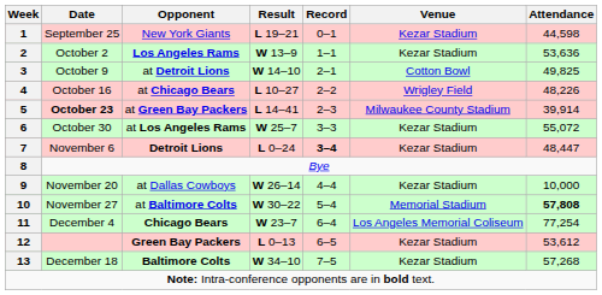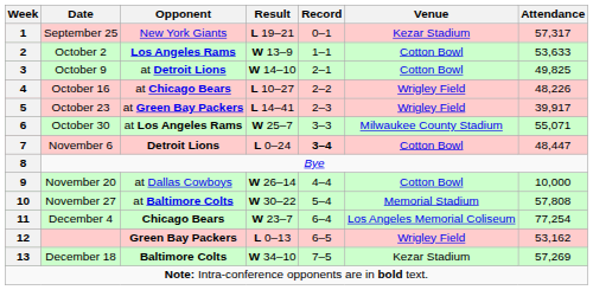 <table class="wikitable" style="text-align:center">
 <tr>
 <th>Week</th>
 <th>Date</th>
 <th>Opponent</th>
 <th>Result</th>
 <th>Record</th>
 <th>Venue</th>
 <th>Attendance</th>
 </tr>
 <tr style="background:#fcc">
 <th>1</th>
 <td>September 25</td>
 <td><a href='#'>New York Giants</a></td>
 <td><strong>L</strong> 19–21</td>
 <td>0–1</td>
 <td><a href='#'>Kezar Stadium</a></td>
-<td>44,598</td>
+<td>57,317</td>
 </tr>
 <tr style="background:#cfc">
 <th>2</th>
 <td>October 2</td>
 <td><strong><a href='#'>Los Angeles Rams</a></strong></td>
 <td><strong>W</strong> 13–9</td>
 <td>1–1</td>
-<td>Kezar Stadium</td>
-<td>53,636</td>
+<td><a href='#'>Cotton Bowl</a></td>
+<td>53,633</td>
 </tr>
 <tr style="background:#cfc">
 <th>3</th>
 <td>October 9</td>
 <td>at <strong><a href='#'>Detroit Lions</a></strong></td>
 <td><strong>W</strong> 14–10</td>
 <td>2–1</td>
 <td><a href='#'>Cotton Bowl</a></td>
 <td>49,825</td>
 </tr>
 <tr style="background:#fcc">
 <th>4</th>
 <td>October 16</td>
 <td>at <strong><a href='#'>Chicago Bears</a></strong></td>
 <td><strong>L</strong> 10–27</td>
 <td>2–2</td>
 <td><a href='#'>Wrigley Field</a></td>
 <td>48,226</td>
 </tr>
 <tr style="background:#fcc">
 <th>5</th>
-<td><strong>October 23</strong></td>
+<td>October 23</td>
 <td>at <strong><a href='#'>Green Bay Packers</a></strong></td>
 <td><strong>L</strong> 14–41</td>
 <td>2–3</td>
-<td><a href='#'>Milwaukee County Stadium</a></td>
-<td>39,914</td>
+<td><a href='#'>Wrigley Field</a></td>
+<td>39,917</td>
 </tr>
 <tr style="background:#cfc">
 <th>6</th>
 <td>October 30</td>
 <td>at <strong>Los Angeles Rams</strong></td>
 <td><strong>W</strong> 25–7</td>
 <td>3–3</td>
-<td>Kezar Stadium</td>
-<td>55,072</td>
+<td><a href='#'>Milwaukee County Stadium</a></td>
+<td>55,071</td>
 </tr>
 <tr style="background:#fcc">
 <th>7</th>
 <td>November 6</td>
 <td><strong>Detroit Lions</strong></td>
 <td><strong>L</strong> 0–24</td>
 <td><strong>3–4</strong></td>
-<td>Kezar Stadium</td>
+<td><a href='#'>Cotton Bowl</a></td>
 <td>48,447</td>
 </tr>
 <tr style="background:">
 <th>8</th>
 <td colspan="6"><em><a href='#'>Bye</a></em></td>
 </tr>
 <tr style="background:#cfc">
 <th>9</th>
 <td>November 20</td>
 <td>at <a href='#'>Dallas Cowboys</a></td>
 <td><strong>W</strong>  26–14</td>
 <td>4–4</td>
-<td>Kezar Stadium</td>
+<td><a href='#'>Cotton Bowl</a></td>
 <td>10,000</td>
 </tr>
 <tr style="background:#cfc">
 <th>10</th>
 <td>November 27</td>
 <td>at <strong><a href='#'>Baltimore Colts</a></strong></td>
 <td><strong>W</strong> 30–22</td>
 <td>5–4</td>
 <td><a href='#'>Memorial Stadium</a></td>
-<td><strong>57,808</strong></td>
+<td>57,808</td>
 </tr>
 <tr style="background:#cfc">
 <th>11</th>
 <td>December 4</td>
 <td><strong>Chicago Bears</strong></td>
 <td><strong>W</strong> 23–7</td>
 <td>6–4</td>
 <td><a href='#'>Los Angeles Memorial Coliseum</a></td>
 <td>77,254</td>
 </tr>
 <tr style="background:#fcc">
 <th>12</th>
 <td></td>
 <td><strong>Green Bay Packers</strong></td>
 <td><strong>L</strong> 0–13</td>
 <td>6–5</td>
-<td>Kezar Stadium</td>
-<td>53,612</td>
+<td><a href='#'>Wrigley Field</a></td>
+<td>53,162</td>
 </tr>
 <tr style="background:#cfc">
 <th>13</th>
 <td>December 18</td>
 <td><strong>Baltimore Colts</strong></td>
 <td><strong>W</strong> 34–10</td>
 <td>7–5</td>
 <td>Kezar Stadium</td>
-<td>57,268</td>
+<td>57,269</td>
 </tr>
 <tr>
 <td colspan="8"><strong>Note:</strong> Intra-conference opponents are in <strong>bold</strong> text.</td>
 </tr>
 </table>
